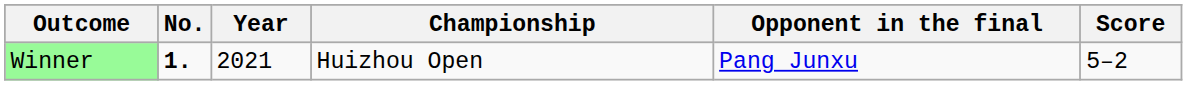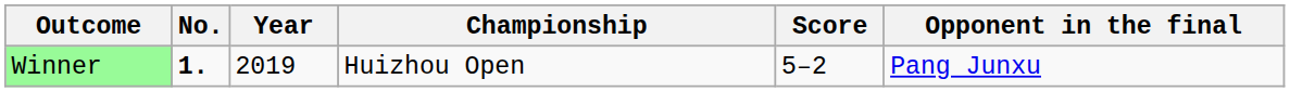 <table class="wikitable sortable">
 <tr>
 <th style="width:80px;">Outcome</th>
 <th style="width:20px;">No.</th>
 <th style="width:50px;">Year</th>
 <th style="width:220px;">Championship</th>
+<th style="width:50px;">Score</th>
 <th style="width:200px;">Opponent in the final</th>
-<th style="width:50px;">Score</th>
 </tr>
 <tr>
 <td style="background:#98FB98">Winner</td>
 <td><strong>1.</strong></td>
-<td>2021</td>
+<td>2019</td>
 <td>Huizhou Open</td>
+<td>5–2</td>
 <td> <a href='#'>Pang Junxu</a></td>
-<td>5–2</td>
 </tr>
 </table>
